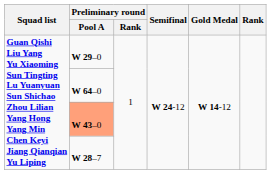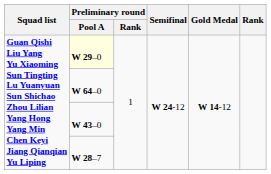 <table class="wikitable" style="text-align:left; font-size:90%">
 <tr>
 <th rowspan="2">Squad list</th>
 <th colspan="2">Preliminary round</th>
 <th rowspan="2">Semifinal</th>
 <th rowspan="2">Gold Medal</th>
 <th rowspan="2">Rank</th>
 </tr>
 <tr>
 <th>Pool A</th>
 <th>Rank</th>
 </tr>
 <tr>
 <td rowspan=4><strong><a href='#'>Guan Qishi</a><br><a href='#'>Liu Yang</a><br><a href='#'>Yu Xiaoming</a><br><a href='#'>Sun Tingting</a><br><a href='#'>Lu Yuanyuan</a><br><a href='#'>Sun Shichao</a><br><a href='#'>Zhou Lilian</a><br><a href='#'>Yang Hong</a><br><a href='#'>Yang Min</a><br><a href='#'>Chen Keyi</a><br><a href='#'>Jiang Qianqian</a><br><a href='#'>Yu Liping</a></strong></td>
-<td><br><strong>W</strong> <strong>29</strong>–0</td>
+<td style="background: lightyellow;"><br><strong>W</strong> <strong>29</strong>–0</td>
 <td rowspan="4" style="text-align:center;">1 <strong></strong></td>
 <td rowspan="4" style="text-align:center;"><br><strong>W</strong> <strong>24</strong>-12</td>
 <td rowspan="4" style="text-align:center;"><br><strong>W</strong> <strong>14</strong>-12</td>
 <td rowspan="4" style="text-align:center;"></td>
 </tr>
 <tr>
 <td><br><strong>W</strong> <strong>64</strong>–0</td>
 </tr>
 <tr>
-<td style="background: lightsalmon;"><br><strong>W</strong> <strong>43</strong>–0</td>
+<td><br><strong>W</strong> <strong>43</strong>–0</td>
 </tr>
 <tr>
 <td><br><strong>W</strong> <strong>28</strong>–7</td>
 </tr>
 </table>
